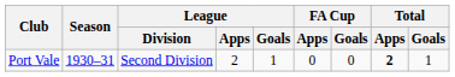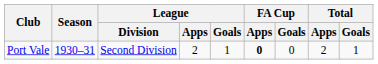 <table class="wikitable" style="text-align: center;">
 <tr>
 <th rowspan="2">Club</th>
 <th rowspan="2">Season</th>
 <th colspan="3">League</th>
 <th colspan="2">FA Cup</th>
 <th colspan="2">Total</th>
 </tr>
 <tr>
 <th>Division</th>
 <th>Apps</th>
 <th>Goals</th>
 <th>Apps</th>
 <th>Goals</th>
 <th>Apps</th>
 <th>Goals</th>
 </tr>
 <tr>
 <td><a href='#'>Port Vale</a></td>
 <td><a href='#'>1930–31</a></td>
 <td><a href='#'>Second Division</a></td>
 <td>2</td>
 <td>1</td>
+<td><strong>0</strong></td>
 <td>0</td>
-<td>0</td>
-<td><strong>2</strong></td>
+<td>2</td>
 <td>1</td>
 </tr>
 </table>
